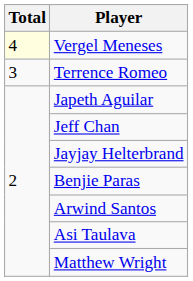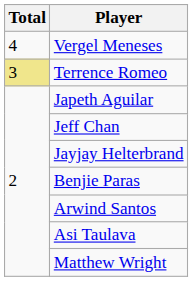 <table class=wikitable>
 <tr>
 <th>Total</th>
 <th>Player</th>
 </tr>
 <tr>
-<td style="background: lightyellow;">4</td>
+<td>4</td>
 <td><a href='#'>Vergel Meneses</a></td>
 </tr>
 <tr>
-<td>3</td>
+<td style="background: khaki;">3</td>
 <td><a href='#'>Terrence Romeo</a></td>
 </tr>
 <tr>
 <td rowspan=7>2</td>
 <td><a href='#'>Japeth Aguilar</a></td>
 </tr>
 <tr>
 <td><a href='#'>Jeff Chan</a></td>
 </tr>
 <tr>
 <td><a href='#'>Jayjay Helterbrand</a></td>
 </tr>
 <tr>
 <td><a href='#'>Benjie Paras</a></td>
 </tr>
 <tr>
 <td><a href='#'>Arwind Santos</a></td>
 </tr>
 <tr>
 <td><a href='#'>Asi Taulava</a></td>
 </tr>
 <tr>
 <td><a href='#'>Matthew Wright</a></td>
 </tr>
 </table>
